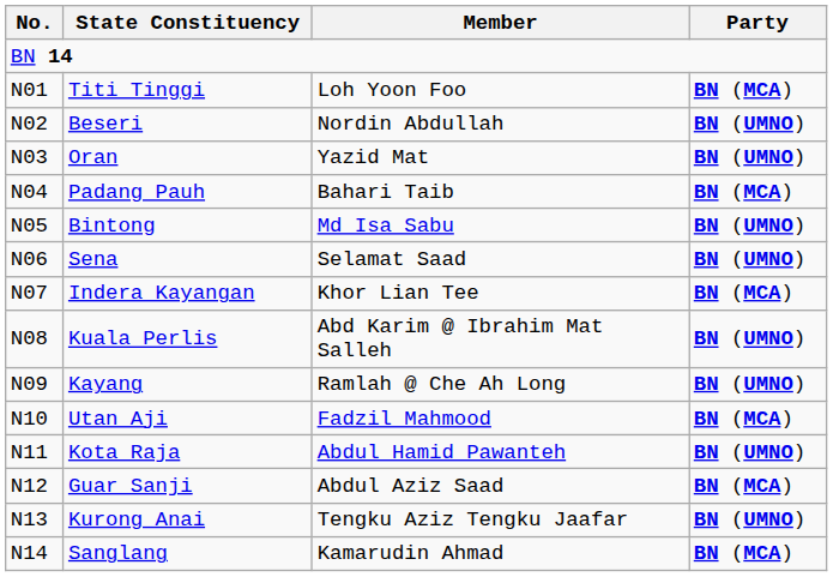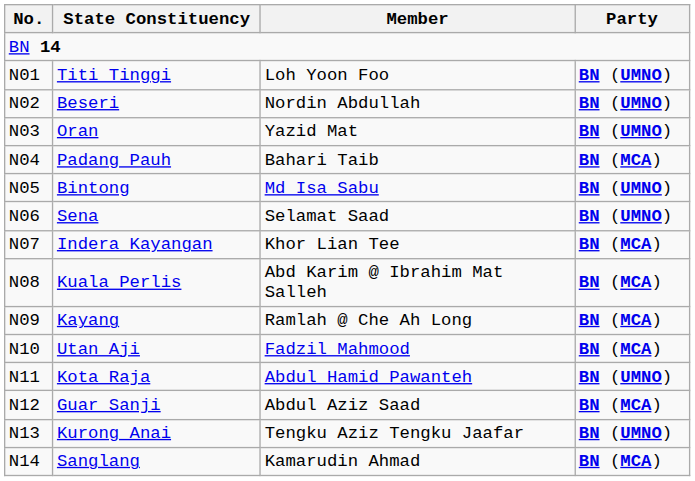 <table class="wikitable sortable">
 <tr>
 <th style="width:30px;">No.</th>
 <th style="width:150px;">State Constituency</th>
 <th style="width:230px;">Member</th>
 <th style="width:80px;">Party</th>
 </tr>
 <tr>
 <td colspan="4"><a href='#'>BN</a> <strong>14</strong></td>
 </tr>
 <tr>
 <td>N01</td>
 <td><a href='#'>Titi Tinggi</a></td>
 <td>Loh Yoon Foo</td>
-<td><strong><a href='#'>BN</a></strong> (<strong><a href='#'>MCA</a></strong>)</td>
+<td><strong><a href='#'>BN</a></strong> (<strong><a href='#'>UMNO</a></strong>)</td>
 </tr>
 <tr>
 <td>N02</td>
 <td><a href='#'>Beseri</a></td>
 <td>Nordin Abdullah</td>
 <td><strong><a href='#'>BN</a></strong> (<strong><a href='#'>UMNO</a></strong>)</td>
 </tr>
 <tr>
 <td>N03</td>
 <td><a href='#'>Oran</a></td>
 <td>Yazid Mat</td>
 <td><strong><a href='#'>BN</a></strong> (<strong><a href='#'>UMNO</a></strong>)</td>
 </tr>
 <tr>
 <td>N04</td>
 <td><a href='#'>Padang Pauh</a></td>
 <td>Bahari Taib</td>
 <td><strong><a href='#'>BN</a></strong> (<strong><a href='#'>MCA</a></strong>)</td>
 </tr>
 <tr>
 <td>N05</td>
 <td><a href='#'>Bintong</a></td>
 <td><a href='#'>Md Isa Sabu</a></td>
 <td><strong><a href='#'>BN</a></strong> (<strong><a href='#'>UMNO</a></strong>)</td>
 </tr>
 <tr>
 <td>N06</td>
 <td><a href='#'>Sena</a></td>
 <td>Selamat Saad</td>
 <td><strong><a href='#'>BN</a></strong> (<strong><a href='#'>UMNO</a></strong>)</td>
 </tr>
 <tr>
 <td>N07</td>
 <td><a href='#'>Indera Kayangan</a></td>
 <td>Khor Lian Tee</td>
 <td><strong><a href='#'>BN</a></strong> (<strong><a href='#'>MCA</a></strong>)</td>
 </tr>
 <tr>
 <td>N08</td>
 <td><a href='#'>Kuala Perlis</a></td>
 <td>Abd Karim @ Ibrahim Mat Salleh</td>
-<td><strong><a href='#'>BN</a></strong> (<strong><a href='#'>UMNO</a></strong>)</td>
+<td><strong><a href='#'>BN</a></strong> (<strong><a href='#'>MCA</a></strong>)</td>
 </tr>
 <tr>
 <td>N09</td>
 <td><a href='#'>Kayang</a></td>
 <td>Ramlah @ Che Ah Long</td>
-<td><strong><a href='#'>BN</a></strong> (<strong><a href='#'>UMNO</a></strong>)</td>
+<td><strong><a href='#'>BN</a></strong> (<strong><a href='#'>MCA</a></strong>)</td>
 </tr>
 <tr>
 <td>N10</td>
 <td><a href='#'>Utan Aji</a></td>
 <td><a href='#'>Fadzil Mahmood</a></td>
 <td><strong><a href='#'>BN</a></strong> (<strong><a href='#'>MCA</a></strong>)</td>
 </tr>
 <tr>
 <td>N11</td>
 <td><a href='#'>Kota Raja</a></td>
 <td><a href='#'>Abdul Hamid Pawanteh</a></td>
 <td><strong><a href='#'>BN</a></strong> (<strong><a href='#'>UMNO</a></strong>)</td>
 </tr>
 <tr>
 <td>N12</td>
 <td><a href='#'>Guar Sanji</a></td>
 <td>Abdul Aziz Saad</td>
 <td><strong><a href='#'>BN</a></strong> (<strong><a href='#'>MCA</a></strong>)</td>
 </tr>
 <tr>
 <td>N13</td>
 <td><a href='#'>Kurong Anai</a></td>
 <td>Tengku Aziz Tengku Jaafar</td>
 <td><strong><a href='#'>BN</a></strong> (<strong><a href='#'>UMNO</a></strong>)</td>
 </tr>
 <tr>
 <td>N14</td>
 <td><a href='#'>Sanglang</a></td>
 <td>Kamarudin Ahmad</td>
 <td><strong><a href='#'>BN</a></strong> (<strong><a href='#'>MCA</a></strong>)</td>
 </tr>
 </table>
